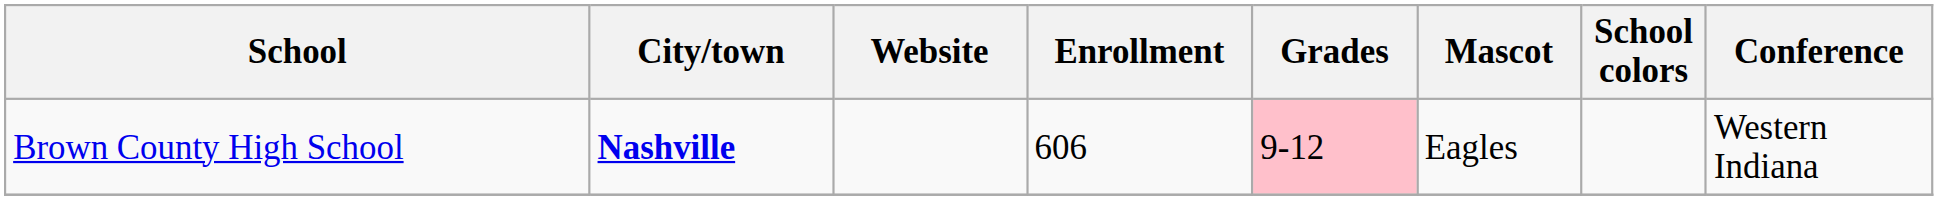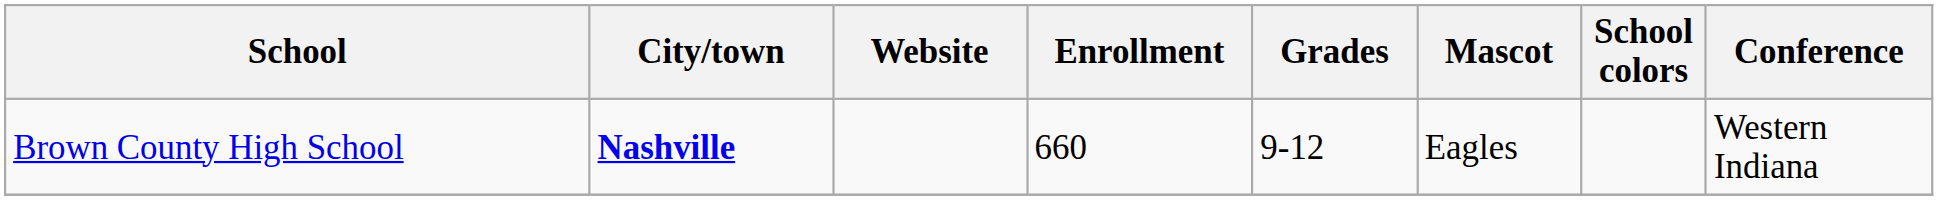 <table class="wikitable sortable" width="70%">
 <tr>
 <th width="20%">School</th>
 <th width="08%">City/town</th>
 <th width="06%">Website</th>
 <th width="04%">Enrollment</th>
 <th width="04%">Grades</th>
 <th width="04%">Mascot</th>
 <th width=01%>School colors</th>
 <th width="04%">Conference</th>
 </tr>
 <tr>
 <td><a href='#'>Brown County High School</a></td>
 <td><strong><a href='#'>Nashville</a></strong></td>
 <td></td>
-<td>606</td>
-<td style="background: pink;">9-12</td>
+<td>660</td>
+<td>9-12</td>
 <td>Eagles</td>
 <td> </td>
 <td>Western Indiana</td>
 </tr>
 <tr>
 </tr>
 </table>
